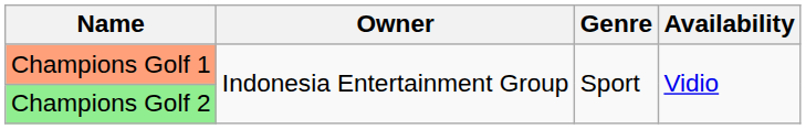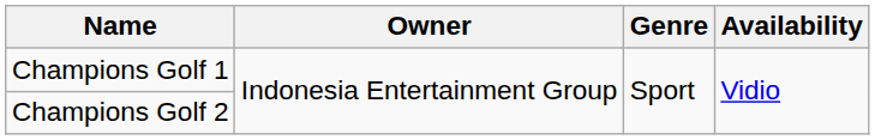 <table class="wikitable sortable">
 <tr>
 <th>Name</th>
 <th>Owner</th>
 <th>Genre</th>
 <th>Availability</th>
 </tr>
 <tr>
-<td style="background: lightsalmon;">Champions Golf 1</td>
+<td>Champions Golf 1</td>
 <td rowspan="2">Indonesia Entertainment Group</td>
 <td rowspan="2">Sport</td>
 <td rowspan="2"><a href='#'>Vidio</a></td>
 </tr>
 <tr>
-<td style="background: lightgreen;">Champions Golf 2</td>
+<td>Champions Golf 2</td>
 </tr>
 </table>
